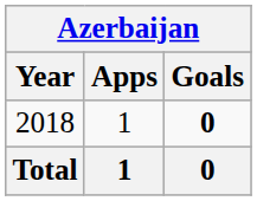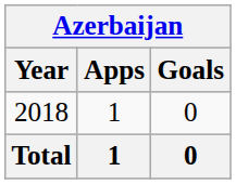 <table class="wikitable" style="text-align:center">
 <tr>
 <th colspan=3><a href='#'>Azerbaijan</a></th>
 </tr>
 <tr>
 <th>Year</th>
 <th>Apps</th>
 <th>Goals</th>
 </tr>
 <tr>
 <td>2018</td>
 <td>1</td>
-<td><strong>0</strong></td>
+<td>0</td>
 </tr>
 <tr>
 <th>Total</th>
 <th>1</th>
 <th>0</th>
 </tr>
 </table>
